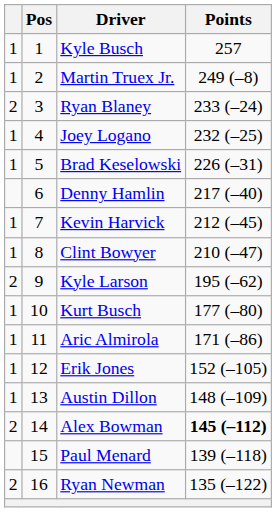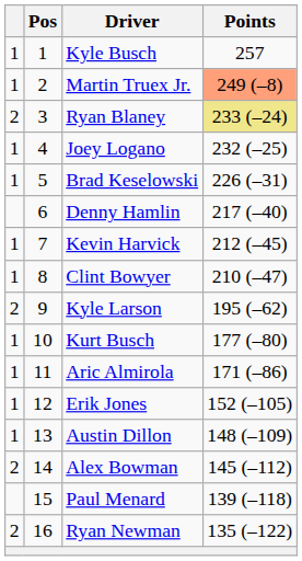 <table class="wikitable" style="font-size: 95%">
 <tr>
 <th></th>
 <th>Pos</th>
 <th>Driver</th>
 <th>Points</th>
 </tr>
 <tr>
 <td align="left"> 1</td>
 <td style="text-align:center;">1</td>
 <td><a href='#'>Kyle Busch</a></td>
 <td style="text-align:center;">257</td>
 </tr>
 <tr>
 <td align="left"> 1</td>
 <td style="text-align:center;">2</td>
 <td><a href='#'>Martin Truex Jr.</a></td>
-<td style="text-align:center;">249 (–8)</td>
+<td style="background: lightsalmon; text-align:center;">249 (–8)</td>
 </tr>
 <tr>
 <td align="left"> 2</td>
 <td style="text-align:center;">3</td>
 <td><a href='#'>Ryan Blaney</a></td>
-<td style="text-align:center;">233 (–24)</td>
+<td style="background: khaki; text-align:center;">233 (–24)</td>
 </tr>
 <tr>
 <td align="left"> 1</td>
 <td style="text-align:center;">4</td>
 <td><a href='#'>Joey Logano</a></td>
 <td style="text-align:center;">232 (–25)</td>
 </tr>
 <tr>
 <td align="left"> 1</td>
 <td style="text-align:center;">5</td>
 <td><a href='#'>Brad Keselowski</a></td>
 <td style="text-align:center;">226 (–31)</td>
 </tr>
 <tr>
 <td align="left"></td>
 <td style="text-align:center;">6</td>
 <td><a href='#'>Denny Hamlin</a></td>
 <td style="text-align:center;">217 (–40)</td>
 </tr>
 <tr>
 <td align="left"> 1</td>
 <td style="text-align:center;">7</td>
 <td><a href='#'>Kevin Harvick</a></td>
 <td style="text-align:center;">212 (–45)</td>
 </tr>
 <tr>
 <td align="left"> 1</td>
 <td style="text-align:center;">8</td>
 <td><a href='#'>Clint Bowyer</a></td>
 <td style="text-align:center;">210 (–47)</td>
 </tr>
 <tr>
 <td align="left"> 2</td>
 <td style="text-align:center;">9</td>
 <td><a href='#'>Kyle Larson</a></td>
 <td style="text-align:center;">195 (–62)</td>
 </tr>
 <tr>
 <td align="left"> 1</td>
 <td style="text-align:center;">10</td>
 <td><a href='#'>Kurt Busch</a></td>
 <td style="text-align:center;">177 (–80)</td>
 </tr>
 <tr>
 <td align="left"> 1</td>
 <td style="text-align:center;">11</td>
 <td><a href='#'>Aric Almirola</a></td>
 <td style="text-align:center;">171 (–86)</td>
 </tr>
 <tr>
 <td align="left"> 1</td>
 <td style="text-align:center;">12</td>
 <td><a href='#'>Erik Jones</a></td>
 <td style="text-align:center;">152 (–105)</td>
 </tr>
 <tr>
 <td align="left"> 1</td>
 <td style="text-align:center;">13</td>
 <td><a href='#'>Austin Dillon</a></td>
 <td style="text-align:center;">148 (–109)</td>
 </tr>
 <tr>
 <td align="left"> 2</td>
 <td style="text-align:center;">14</td>
 <td><a href='#'>Alex Bowman</a></td>
-<td style="text-align:center;"><strong>145 (–112)</strong></td>
+<td style="text-align:center;">145 (–112)</td>
 </tr>
 <tr>
 <td align="left"></td>
 <td style="text-align:center;">15</td>
 <td><a href='#'>Paul Menard</a></td>
 <td style="text-align:center;">139 (–118)</td>
 </tr>
 <tr>
 <td align="left"> 2</td>
 <td style="text-align:center;">16</td>
 <td><a href='#'>Ryan Newman</a></td>
 <td style="text-align:center;">135 (–122)</td>
 </tr>
 <tr class="sortbottom">
 <th colspan="9"></th>
 </tr>
 </table>
